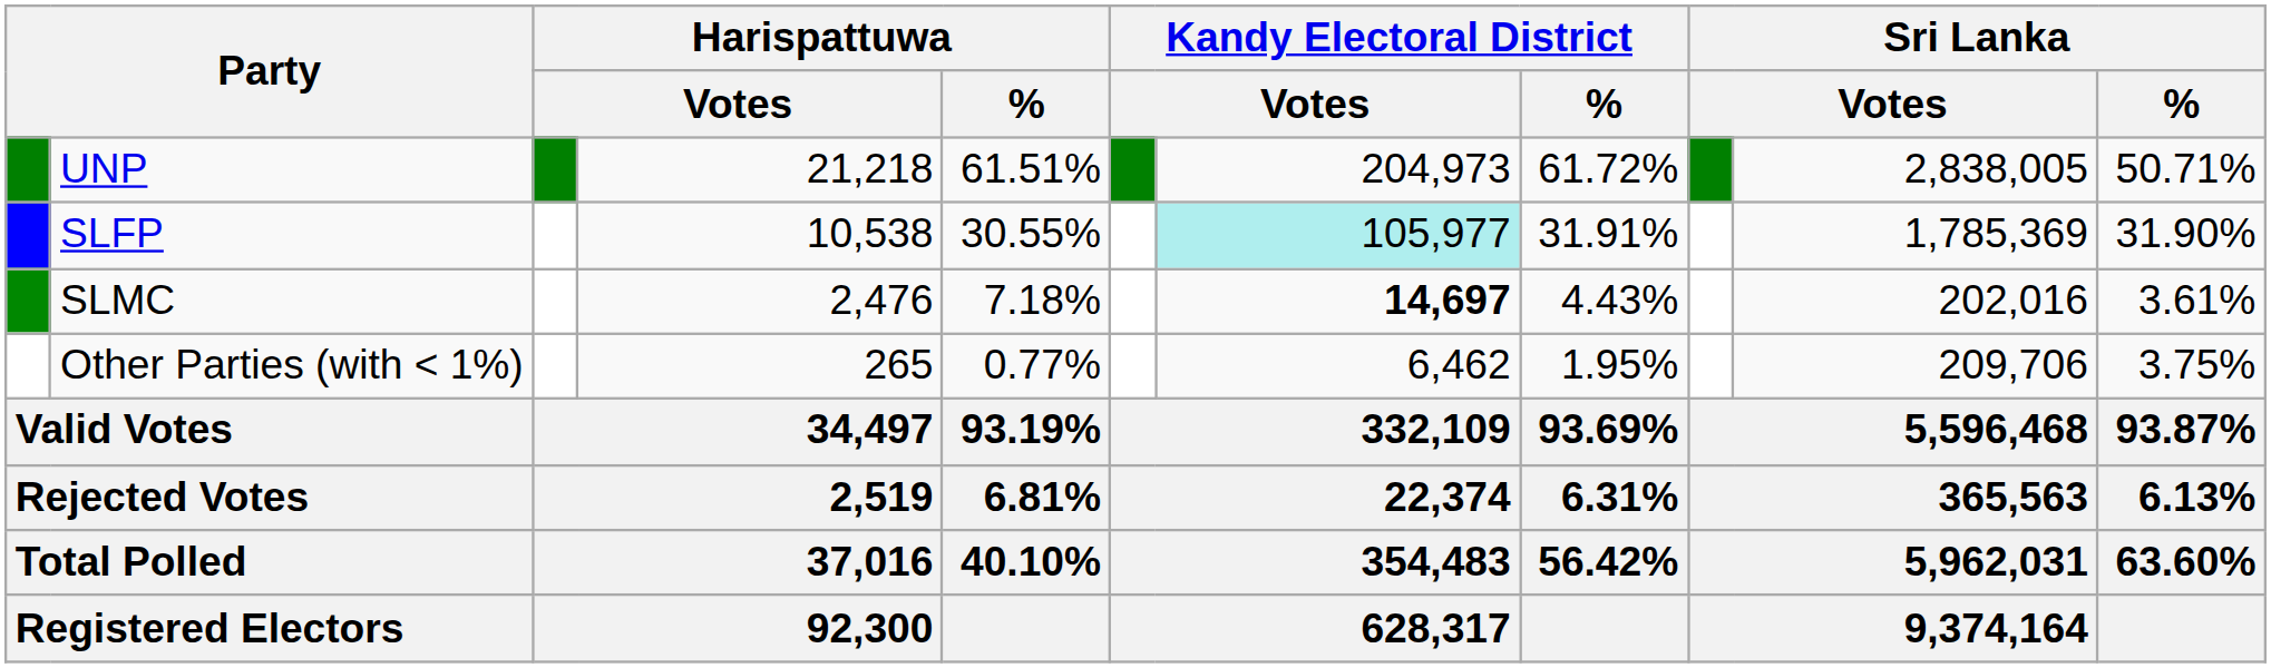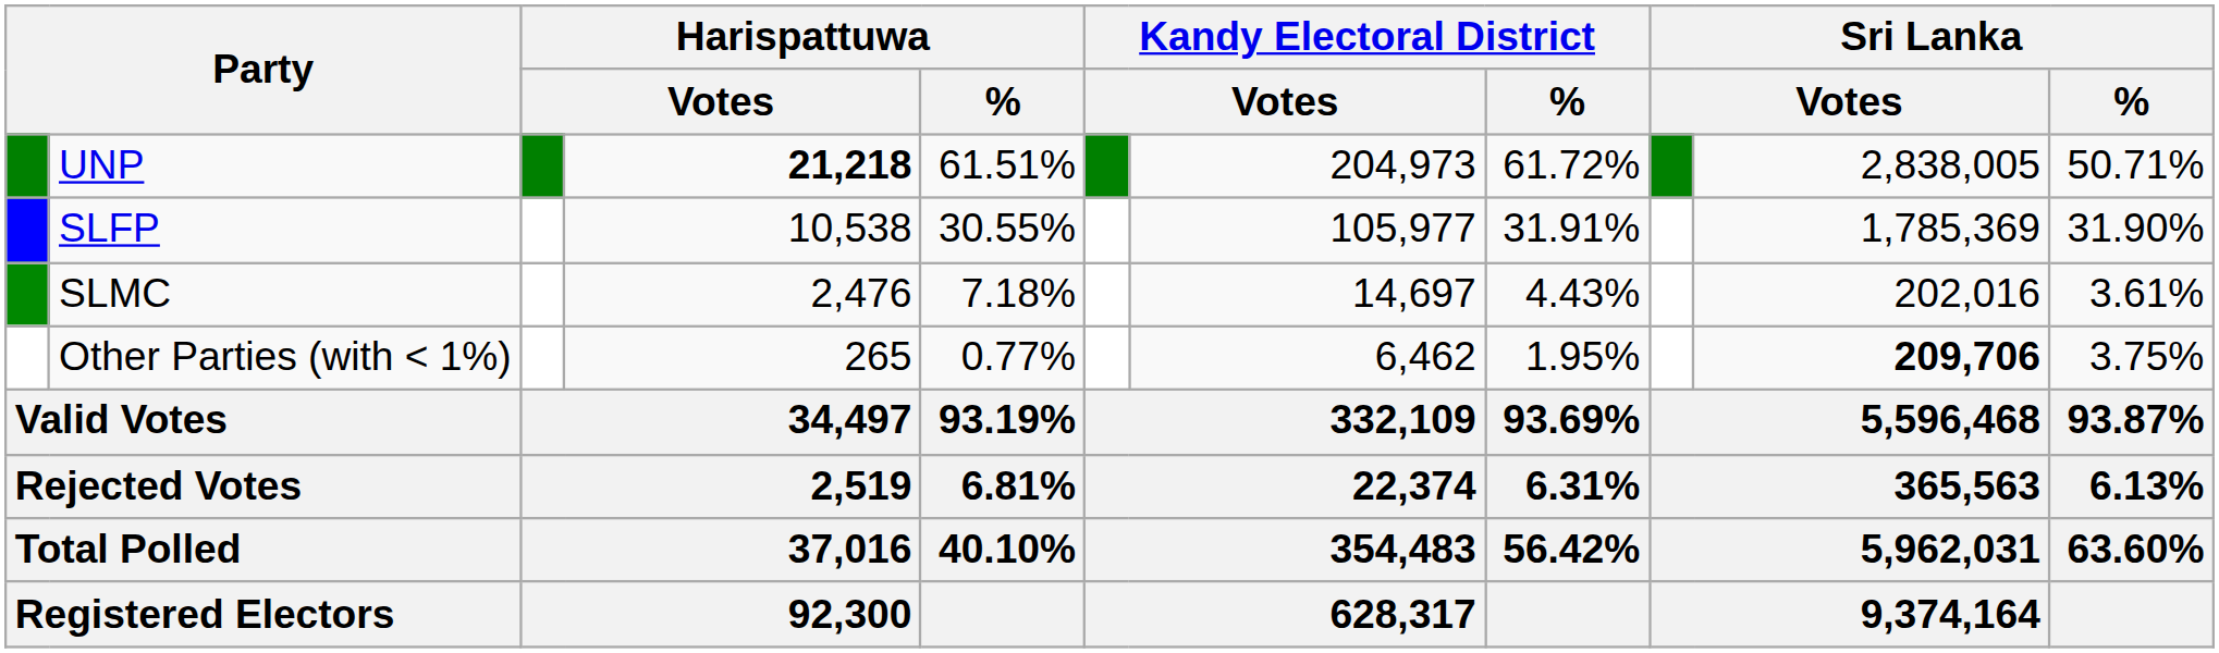 <table class="wikitable">
 <tr>
 <th colspan="2" width="144px"rowspan="2">Party</th>
 <th colspan="3" width="216px">Harispattuwa</th>
 <th colspan="3" width="216px"><a href='#'>Kandy Electoral District</a></th>
 <th colspan="3" width="216px">Sri Lanka</th>
 </tr>
 <tr>
 <th colspan="2" width="144px">Votes</th>
 <th>%</th>
 <th colspan="2" width="144px">Votes</th>
 <th>%</th>
 <th colspan="2" width="144px">Votes</th>
 <th>%</th>
 </tr>
 <tr>
 <td style="background-color:green;" width="10px"></td>
 <td style="text-align:left;"><a href='#'>UNP</a></td>
 <td style="background-color:green;" width="10px"></td>
-<td style="text-align:right;">21,218</td>
+<td style="text-align:right;"><strong>21,218</strong></td>
 <td style="text-align:right;">61.51%</td>
 <td style="background-color:green;" width="10px"></td>
 <td style="text-align:right;">204,973</td>
 <td style="text-align:right;">61.72%</td>
 <td style="background-color:green;" width="10px"></td>
 <td style="text-align:right;">2,838,005</td>
 <td style="text-align:right;">50.71%</td>
 </tr>
 <tr>
 <td style="background-color:blue;" width="10px"></td>
 <td style="text-align:left;"><a href='#'>SLFP</a></td>
 <td style="background-color:white;" width="10px"></td>
 <td style="text-align:right;">10,538</td>
 <td style="text-align:right;">30.55%</td>
 <td style="background-color:white;" width="10px"></td>
-<td style="background: paleturquoise; text-align:right;">105,977</td>
+<td style="text-align:right;">105,977</td>
 <td style="text-align:right;">31.91%</td>
 <td style="background-color:white;" width="10px"></td>
 <td style="text-align:right;">1,785,369</td>
 <td style="text-align:right;">31.90%</td>
 </tr>
 <tr>
 <td style="background-color:#008800;" width="10px"></td>
 <td style="text-align:left;">SLMC</td>
 <td style="background-color:white;" width="10px"></td>
 <td style="text-align:right;">2,476</td>
 <td style="text-align:right;">7.18%</td>
 <td style="background-color:white;" width="10px"></td>
-<td style="text-align:right;"><strong>14,697</strong></td>
+<td style="text-align:right;">14,697</td>
 <td style="text-align:right;">4.43%</td>
 <td style="background-color:white;" width="10px"></td>
 <td style="text-align:right;">202,016</td>
 <td style="text-align:right;">3.61%</td>
 </tr>
 <tr>
 <td style="background-color:white;" width="10px"></td>
 <td style="text-align:left;">Other Parties (with < 1%)</td>
 <td style="background-color:white;" width="10px"></td>
 <td style="text-align:right;">265</td>
 <td style="text-align:right;">0.77%</td>
 <td style="background-color:white;" width="10px"></td>
 <td style="text-align:right;">6,462</td>
 <td style="text-align:right;">1.95%</td>
 <td style="background-color:white;" width="10px"></td>
-<td style="text-align:right;">209,706</td>
+<td style="text-align:right;"><strong>209,706</strong></td>
 <td style="text-align:right;">3.75%</td>
 </tr>
 <tr>
 <th colspan="2" width="144px"style="text-align:left;">Valid Votes</th>
 <th style="text-align:right;"colspan="2" width="144px">34,497</th>
 <th style="text-align:right;">93.19%</th>
 <th style="text-align:right;"colspan="2" width="144px">332,109</th>
 <th style="text-align:right;">93.69%</th>
 <th style="text-align:right;"colspan="2" width="144px">5,596,468</th>
 <th style="text-align:right;">93.87%</th>
 </tr>
 <tr>
 <th colspan="2" width="144px"style="text-align:left;">Rejected Votes</th>
 <th style="text-align:right;"colspan="2" width="144px">2,519</th>
 <th style="text-align:right;">6.81%</th>
 <th style="text-align:right;"colspan="2" width="144px">22,374</th>
 <th style="text-align:right;">6.31%</th>
 <th style="text-align:right;"colspan="2" width="144px">365,563</th>
 <th style="text-align:right;">6.13%</th>
 </tr>
 <tr>
 <th colspan="2" width="144px"style="text-align:left;">Total Polled</th>
 <th style="text-align:right;"colspan="2" width="144px">37,016</th>
 <th style="text-align:right;">40.10%</th>
 <th style="text-align:right;"colspan="2" width="144px">354,483</th>
 <th style="text-align:right;">56.42%</th>
 <th style="text-align:right;"colspan="2" width="144px">5,962,031</th>
 <th style="text-align:right;">63.60%</th>
 </tr>
 <tr>
 <th colspan="2" width="144px"style="text-align:left;">Registered Electors</th>
 <th style="text-align:right;"colspan="2" width="144px">92,300</th>
 <th></th>
 <th style="text-align:right;"colspan="2" width="144px">628,317</th>
 <th></th>
 <th style="text-align:right;"colspan="2" width="144px">9,374,164</th>
 <th></th>
 </tr>
 </table>
